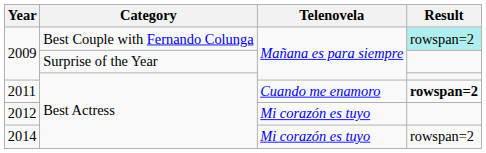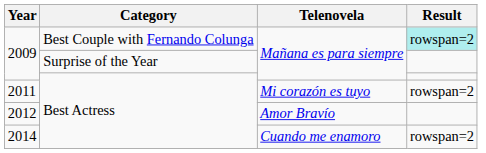 <table class="wikitable">
 <tr>
 <th>Year</th>
 <th>Category</th>
 <th>Telenovela</th>
 <th>Result</th>
 </tr>
 <tr>
 <td rowspan="3">2009</td>
 <td>Best Couple with <a href='#'>Fernando Colunga</a></td>
 <td rowspan=3><em><a href='#'>Mañana es para siempre</a></em></td>
 <td style="background: paleturquoise;">rowspan=2 </td>
 </tr>
 <tr>
 <td>Surprise of the Year</td>
 </tr>
 <tr>
 <td rowspan=4>Best Actress</td>
 <td></td>
 </tr>
 <tr>
 <td>2011</td>
-<td><em><a href='#'>Cuando me enamoro</a></em></td>
-<td><strong>rowspan=2 </strong></td>
+<td><em><a href='#'>Mi corazón es tuyo</a></em></td>
+<td>rowspan=2 </td>
 </tr>
 <tr>
 <td>2012</td>
-<td><em><a href='#'>Mi corazón es tuyo</a></em></td>
+<td><em><a href='#'>Amor Bravío</a></em></td>
 </tr>
 <tr>
 <td>2014</td>
-<td><em><a href='#'>Mi corazón es tuyo</a></em></td>
+<td><em><a href='#'>Cuando me enamoro</a></em></td>
 <td>rowspan=2 </td>
 </tr>
 </table>
